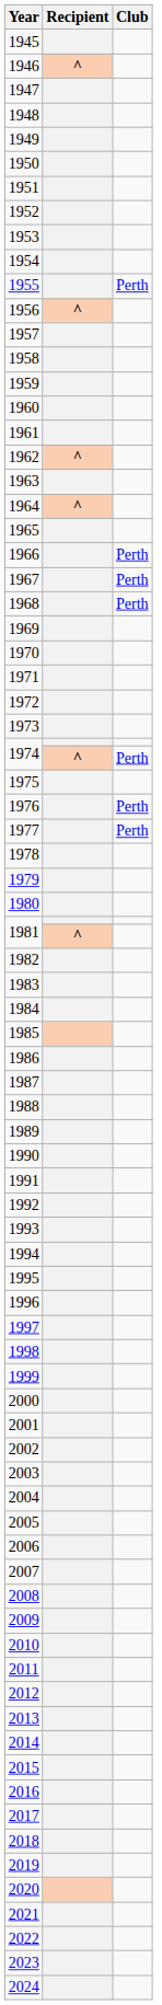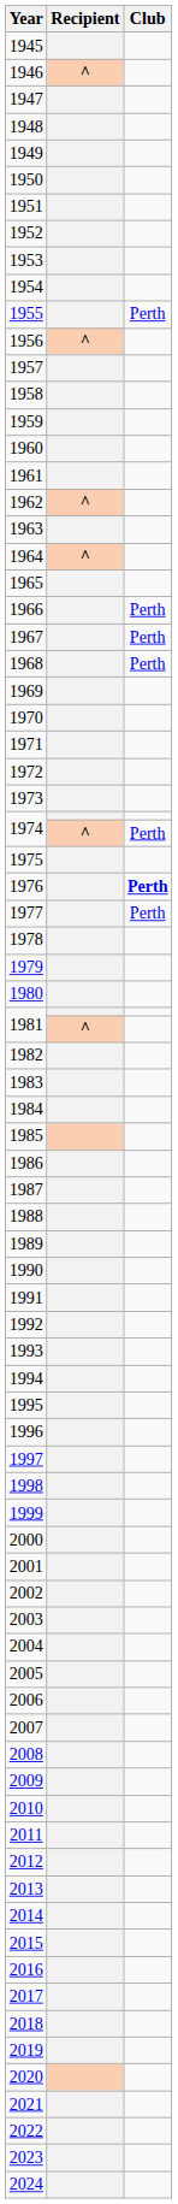 <table class="wikitable sortable plainrowheaders" style="text-align:center;">
 <tr>
 <th scope=col>Year</th>
 <th scope=col>Recipient</th>
 <th scope=col>Club<br></th>
 </tr>
 <tr>
 <td>1945</td>
 <th scope=row></th>
 <td></td>
 </tr>
 <tr>
 <td>1946</td>
 <th scope=row style="background:#FBCEB1;">^</th>
 <td></td>
 </tr>
 <tr>
 <td>1947</td>
 <th scope=row></th>
 <td></td>
 </tr>
 <tr>
 <td>1948</td>
 <th scope=row></th>
 <td></td>
 </tr>
 <tr>
 <td>1949</td>
 <th scope=row></th>
 <td></td>
 </tr>
 <tr>
 <td>1950</td>
 <th scope=row></th>
 <td></td>
 </tr>
 <tr>
 <td>1951</td>
 <th scope=row></th>
 <td></td>
 </tr>
 <tr>
 <td>1952</td>
 <th scope=row></th>
 <td></td>
 </tr>
 <tr>
 <td>1953</td>
 <th scope=row></th>
 <td></td>
 </tr>
 <tr>
 <td>1954</td>
 <th scope=row></th>
 <td></td>
 </tr>
 <tr>
 <td><a href='#'>1955</a></td>
 <th scope=row></th>
 <td><a href='#'>Perth</a></td>
 </tr>
 <tr>
 <td>1956</td>
 <th scope=row style="background:#FBCEB1;">^</th>
 <td></td>
 </tr>
 <tr>
 <td>1957</td>
 <th scope=row></th>
 <td></td>
 </tr>
 <tr>
 <td>1958</td>
 <th scope=row></th>
 <td></td>
 </tr>
 <tr>
 <td>1959</td>
 <th scope=row></th>
 <td></td>
 </tr>
 <tr>
 <td>1960</td>
 <th scope=row></th>
 <td></td>
 </tr>
 <tr>
 <td>1961</td>
 <th scope=row></th>
 <td></td>
 </tr>
 <tr>
 <td>1962</td>
 <th scope=row style="background:#FBCEB1;">^</th>
 <td></td>
 </tr>
 <tr>
 <td>1963</td>
 <th scope=row></th>
 <td></td>
 </tr>
 <tr>
 <td>1964</td>
 <th scope=row style="background:#FBCEB1;">^</th>
 <td></td>
 </tr>
 <tr>
 <td>1965</td>
 <th scope=row></th>
 <td></td>
 </tr>
 <tr>
 <td>1966</td>
 <th scope=row></th>
 <td><a href='#'>Perth</a></td>
 </tr>
 <tr>
 <td>1967</td>
 <th scope=row></th>
 <td><a href='#'>Perth</a></td>
 </tr>
 <tr>
 <td>1968</td>
 <th scope=row></th>
 <td><a href='#'>Perth</a></td>
 </tr>
 <tr>
 <td>1969</td>
 <th scope=row></th>
 <td></td>
 </tr>
 <tr>
 <td>1970</td>
 <th scope=row></th>
 <td></td>
 </tr>
 <tr>
 <td>1971</td>
 <th scope=row></th>
 <td></td>
 </tr>
 <tr>
 <td>1972</td>
 <th scope=row></th>
 <td></td>
 </tr>
 <tr>
 <td>1973</td>
 <th scope=row></th>
 <td></td>
 </tr>
 <tr>
 <td rowspan=2>1974</td>
 <th scope=row></th>
 <td></td>
 </tr>
 <tr>
 <th scope=row style="background:#FBCEB1;">^</th>
 <td><a href='#'>Perth</a></td>
 </tr>
 <tr>
 <td>1975</td>
 <th scope=row></th>
 <td></td>
 </tr>
 <tr>
 <td>1976</td>
 <th scope=row></th>
-<td><a href='#'>Perth</a></td>
+<td><strong><a href='#'>Perth</a></strong></td>
 </tr>
 <tr>
 <td>1977</td>
 <th scope=row></th>
 <td><a href='#'>Perth</a></td>
 </tr>
 <tr>
 <td>1978</td>
 <th scope=row></th>
 <td></td>
 </tr>
 <tr>
 <td><a href='#'>1979</a></td>
 <th scope=row></th>
 <td></td>
 </tr>
 <tr>
 <td><a href='#'>1980</a></td>
 <th scope=row></th>
 <td></td>
 </tr>
 <tr>
 <td rowspan=2>1981</td>
 <th scope=row></th>
 <td></td>
 </tr>
 <tr>
 <th scope=row style="background:#FBCEB1;">^</th>
 <td></td>
 </tr>
 <tr>
 <td>1982</td>
 <th scope=row></th>
 <td></td>
 </tr>
 <tr>
 <td>1983</td>
 <th scope=row></th>
 <td></td>
 </tr>
 <tr>
 <td>1984</td>
 <th scope=row></th>
 <td></td>
 </tr>
 <tr>
 <td>1985</td>
 <th scope=row style="background:#FBCEB1;"></th>
 <td></td>
 </tr>
 <tr>
 <td>1986</td>
 <th scope=row></th>
 <td></td>
 </tr>
 <tr>
 <td>1987</td>
 <th scope=row></th>
 <td></td>
 </tr>
 <tr>
 <td>1988</td>
 <th scope=row></th>
 <td></td>
 </tr>
 <tr>
 <td>1989</td>
 <th scope=row></th>
 <td></td>
 </tr>
 <tr>
 <td>1990</td>
 <th scope=row></th>
 <td></td>
 </tr>
 <tr>
 <td>1991</td>
 <th scope=row></th>
 <td></td>
 </tr>
 <tr>
 <td>1992</td>
 <th scope=row></th>
 <td></td>
 </tr>
 <tr>
 <td>1993</td>
 <th scope=row></th>
 <td></td>
 </tr>
 <tr>
 <td>1994</td>
 <th scope=row></th>
 <td></td>
 </tr>
 <tr>
 <td>1995</td>
 <th scope=row></th>
 <td></td>
 </tr>
 <tr>
 <td>1996</td>
 <th scope=row></th>
 <td></td>
 </tr>
 <tr>
 <td><a href='#'>1997</a></td>
 <th scope=row></th>
 <td></td>
 </tr>
 <tr>
 <td><a href='#'>1998</a></td>
 <th scope=row></th>
 <td></td>
 </tr>
 <tr>
 <td><a href='#'>1999</a></td>
 <th scope=row></th>
 <td></td>
 </tr>
 <tr>
 <td>2000</td>
 <th scope=row></th>
 <td></td>
 </tr>
 <tr>
 <td>2001</td>
 <th scope=row></th>
 <td></td>
 </tr>
 <tr>
 <td>2002</td>
 <th scope=row></th>
 <td></td>
 </tr>
 <tr>
 <td>2003</td>
 <th scope=row></th>
 <td></td>
 </tr>
 <tr>
 <td>2004</td>
 <th scope=row></th>
 <td></td>
 </tr>
 <tr>
 <td>2005</td>
 <th scope=row></th>
 <td></td>
 </tr>
 <tr>
 <td>2006</td>
 <th scope=row></th>
 <td></td>
 </tr>
 <tr>
 <td>2007</td>
 <th scope=row></th>
 <td></td>
 </tr>
 <tr>
 <td><a href='#'>2008</a></td>
 <th scope=row></th>
 <td></td>
 </tr>
 <tr>
 <td><a href='#'>2009</a></td>
 <th scope=row></th>
 <td></td>
 </tr>
 <tr>
 <td><a href='#'>2010</a></td>
 <th scope=row></th>
 <td></td>
 </tr>
 <tr>
 <td><a href='#'>2011</a></td>
 <th scope=row></th>
 <td></td>
 </tr>
 <tr>
 <td><a href='#'>2012</a></td>
 <th scope=row></th>
 <td></td>
 </tr>
 <tr>
 <td><a href='#'>2013</a></td>
 <th scope=row></th>
 <td></td>
 </tr>
 <tr>
 <td><a href='#'>2014</a></td>
 <th scope=row></th>
 <td></td>
 </tr>
 <tr>
 <td><a href='#'>2015</a></td>
 <th scope=row></th>
 <td></td>
 </tr>
 <tr>
 <td><a href='#'>2016</a></td>
 <th scope=row></th>
 <td></td>
 </tr>
 <tr>
 <td><a href='#'>2017</a></td>
 <th scope=row></th>
 <td></td>
 </tr>
 <tr>
 <td><a href='#'>2018</a></td>
 <th scope=row></th>
 <td></td>
 </tr>
 <tr>
 <td><a href='#'>2019</a></td>
 <th scope=row></th>
 <td></td>
 </tr>
 <tr>
 <td><a href='#'>2020</a></td>
 <th scope=row style="background:#FBCEB1;"></th>
 <td></td>
 </tr>
 <tr>
 <td><a href='#'>2021</a></td>
 <th scope=row></th>
 <td></td>
 </tr>
 <tr>
 <td><a href='#'>2022</a></td>
 <th scope=row></th>
 <td></td>
 </tr>
 <tr>
 <td><a href='#'>2023</a></td>
 <th scope=row><br></th>
 <td></td>
 </tr>
 <tr>
 <td><a href='#'>2024</a></td>
 <th scope=row></th>
 <td></td>
 </tr>
 </table>
